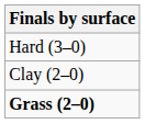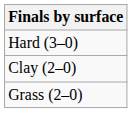 <table class=wikitable style=font-size:97%>
 <tr>
 <th>Finals by surface</th>
 </tr>
 <tr>
 <td>Hard (3–0)</td>
 </tr>
 <tr>
 <td>Clay (2–0)</td>
 </tr>
 <tr>
-<td><strong>Grass (2–0)</strong></td>
+<td>Grass (2–0)</td>
 </tr>
 </table>
